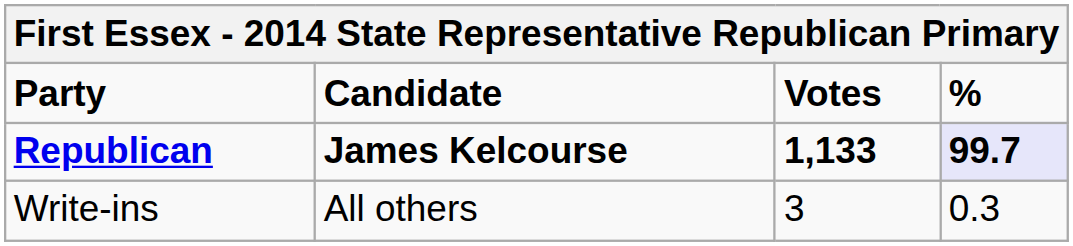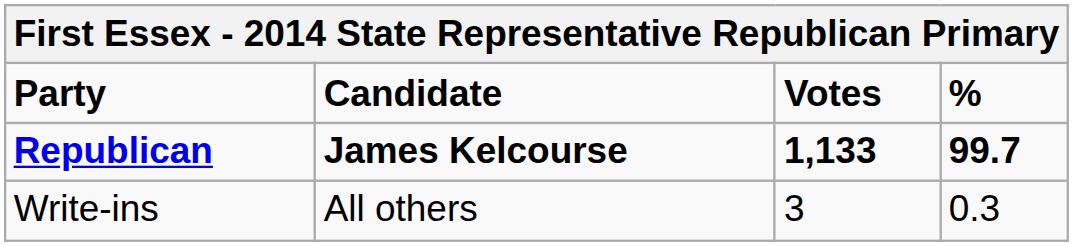 <table class="wikitable">
 <tr>
 <th colspan="4">First Essex - 2014 State Representative Republican Primary</th>
 </tr>
 <tr>
 <td><strong>Party</strong></td>
 <td><strong>Candidate</strong></td>
 <td><strong>Votes</strong></td>
 <td><strong>%</strong></td>
 </tr>
 <tr>
 <td><strong><a href='#'>Republican</a></strong></td>
 <td><strong>James Kelcourse</strong></td>
 <td><strong>1,133</strong></td>
-<td style="background: lavender;"><strong>99.7</strong></td>
+<td><strong>99.7</strong></td>
 </tr>
 <tr>
 <td>Write-ins</td>
 <td>All others</td>
 <td>3</td>
 <td>0.3</td>
 </tr>
 </table>
